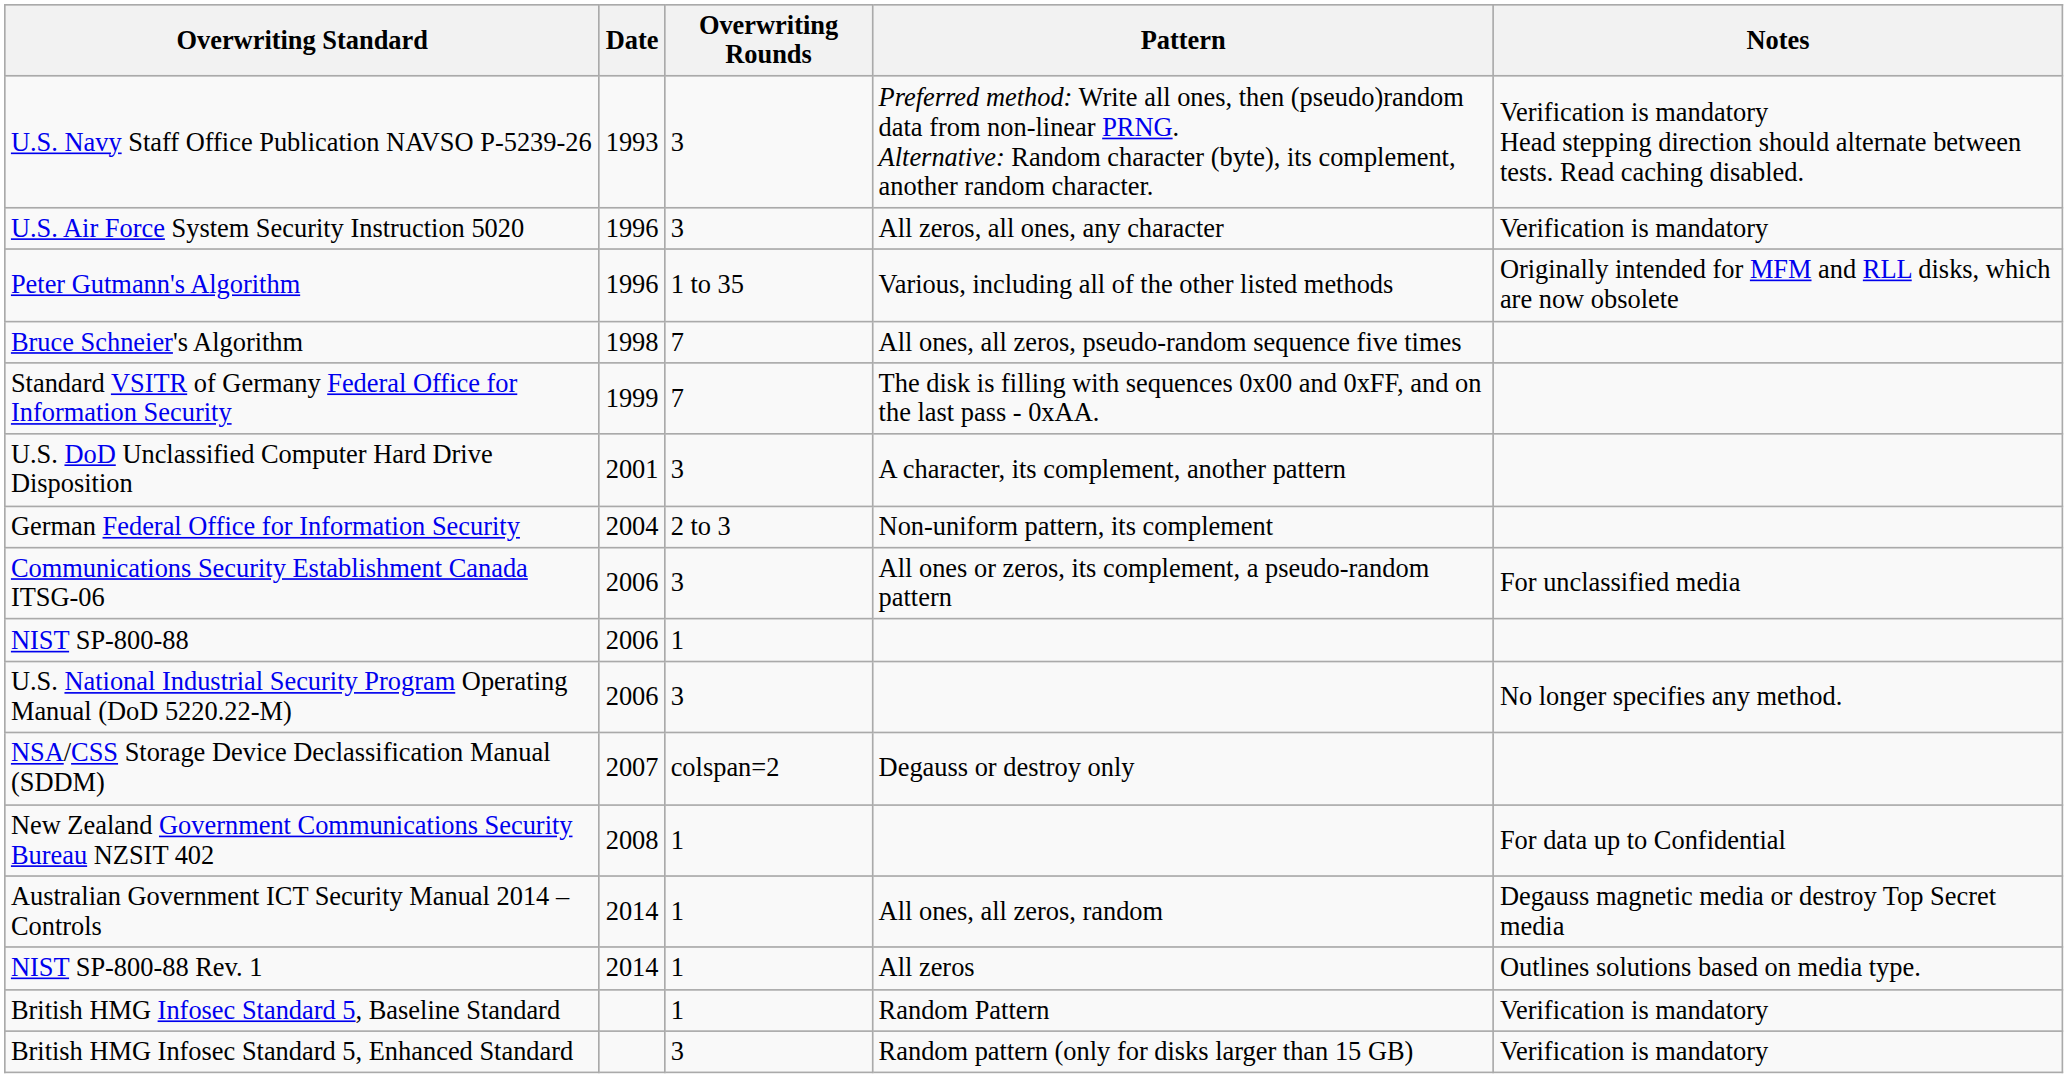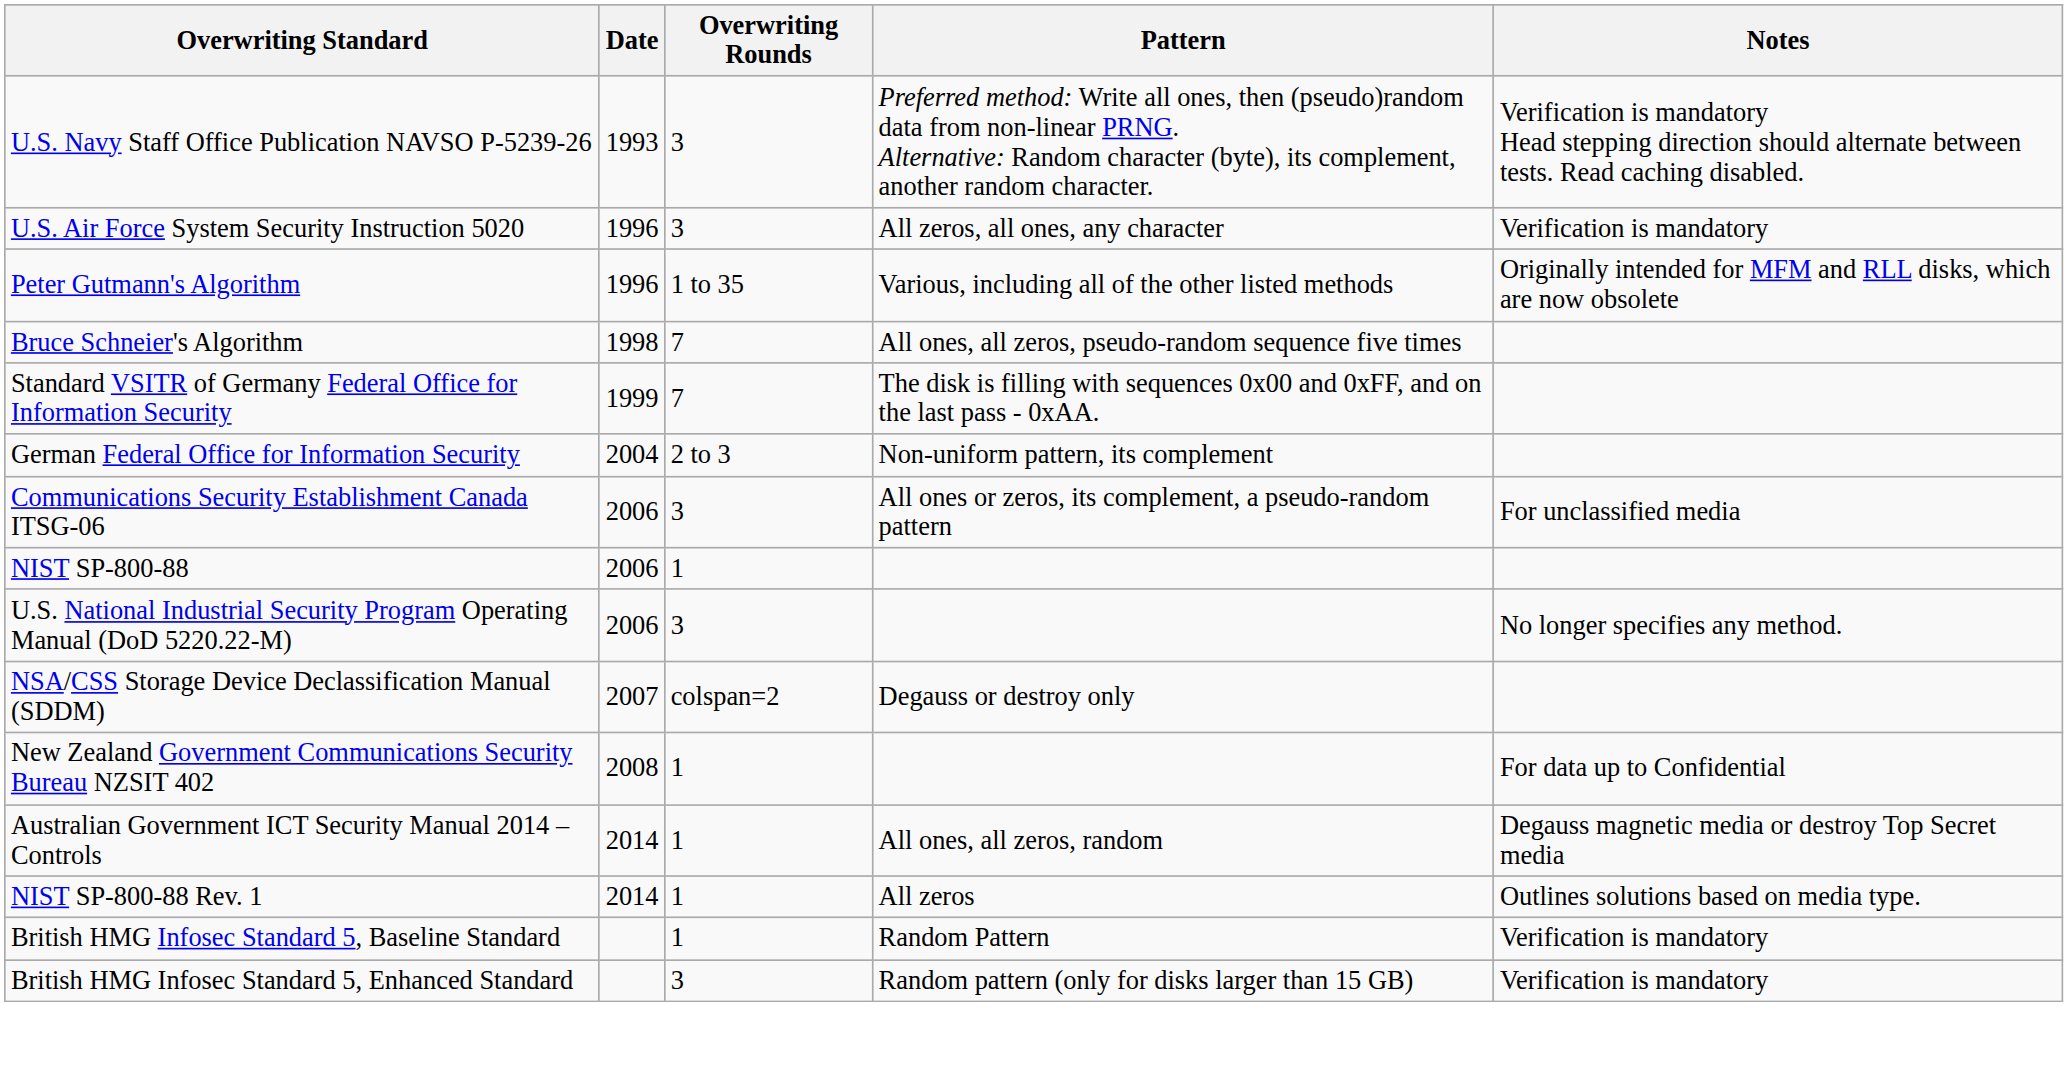 <table class="wikitable sortable">
 <tr>
 <th>Overwriting Standard</th>
 <th>Date</th>
 <th>Overwriting Rounds</th>
 <th>Pattern</th>
 <th>Notes</th>
 </tr>
 <tr>
 <td><a href='#'>U.S. Navy</a> Staff Office Publication NAVSO P-5239-26</td>
 <td>1993</td>
 <td>3</td>
 <td><em>Preferred method:</em> Write all ones, then (pseudo)random data from non-linear <a href='#'>PRNG</a>.<br><em>Alternative:</em> Random character (byte), its complement, another random character.</td>
 <td>Verification is mandatory<br>Head stepping direction should alternate between tests. Read caching disabled.</td>
 </tr>
 <tr>
 <td><a href='#'>U.S. Air Force</a> System Security Instruction 5020</td>
 <td>1996</td>
 <td>3</td>
 <td>All zeros, all ones, any character</td>
 <td>Verification is mandatory</td>
 </tr>
 <tr>
 <td><a href='#'>Peter Gutmann's Algorithm</a></td>
 <td>1996</td>
 <td>1 to 35</td>
 <td>Various, including all of the other listed methods</td>
 <td>Originally intended for <a href='#'>MFM</a> and <a href='#'>RLL</a> disks, which are now obsolete</td>
 </tr>
 <tr>
 <td><a href='#'>Bruce Schneier</a>'s Algorithm</td>
 <td>1998</td>
 <td>7</td>
 <td>All ones, all zeros, pseudo-random sequence five times</td>
 <td></td>
 </tr>
 <tr>
 <td>Standard <a href='#'>VSITR</a> of Germany <a href='#'>Federal Office for Information Security</a></td>
 <td>1999</td>
 <td>7</td>
 <td>The disk is filling with sequences 0x00 and 0xFF, and on the last pass - 0xAA.</td>
-<td></td>
-</tr>
-<tr>
-<td>U.S. <a href='#'>DoD</a> Unclassified Computer Hard Drive Disposition</td>
-<td>2001</td>
-<td>3</td>
-<td>A character, its complement, another pattern</td>
 <td></td>
 </tr>
 <tr>
 <td>German <a href='#'>Federal Office for Information Security</a></td>
 <td>2004</td>
 <td>2 to 3</td>
 <td>Non-uniform pattern, its complement</td>
 <td></td>
 </tr>
 <tr>
 <td><a href='#'>Communications Security Establishment Canada</a> ITSG-06</td>
 <td>2006</td>
 <td>3</td>
 <td>All ones or zeros, its complement, a pseudo-random pattern</td>
 <td>For unclassified media</td>
 </tr>
 <tr>
 <td><a href='#'>NIST</a> SP-800-88</td>
 <td>2006</td>
 <td>1</td>
 <td></td>
 <td></td>
 </tr>
 <tr>
 <td>U.S. <a href='#'>National Industrial Security Program</a> Operating Manual (DoD 5220.22-M)</td>
 <td>2006</td>
 <td>3</td>
 <td></td>
 <td>No longer specifies any method.</td>
 </tr>
 <tr>
 <td><a href='#'>NSA</a>/<a href='#'>CSS</a> Storage Device Declassification Manual (SDDM)</td>
 <td>2007</td>
 <td>colspan=2 </td>
 <td>Degauss or destroy only</td>
 </tr>
 <tr>
 <td>New Zealand <a href='#'>Government Communications Security Bureau</a> NZSIT 402</td>
 <td>2008</td>
 <td>1</td>
 <td></td>
 <td>For data up to Confidential</td>
 </tr>
 <tr>
 <td>Australian Government ICT Security Manual 2014 – Controls</td>
 <td>2014</td>
 <td>1</td>
 <td>All ones, all zeros, random</td>
 <td>Degauss magnetic media or destroy Top Secret media</td>
 </tr>
 <tr>
 <td><a href='#'>NIST</a> SP-800-88 Rev. 1</td>
 <td>2014</td>
 <td>1</td>
 <td>All zeros</td>
 <td>Outlines solutions based on media type.</td>
 </tr>
 <tr>
 <td>British HMG <a href='#'>Infosec Standard 5</a>, Baseline Standard</td>
 <td></td>
 <td>1</td>
 <td>Random Pattern</td>
 <td>Verification is mandatory</td>
 </tr>
 <tr>
 <td>British HMG Infosec Standard 5, Enhanced Standard</td>
 <td></td>
 <td>3</td>
 <td>Random pattern (only for disks larger than 15 GB)</td>
 <td>Verification is mandatory</td>
 </tr>
 </table>
